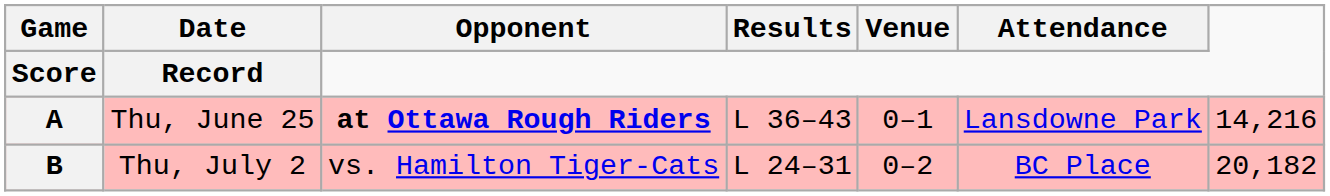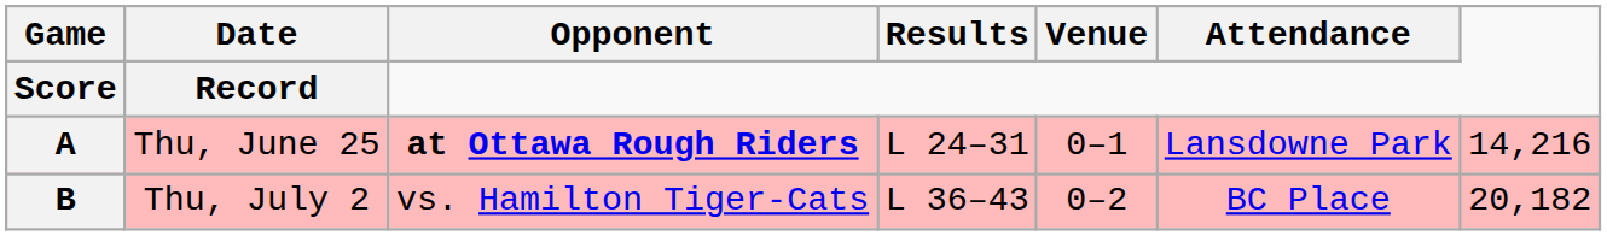 <table class="wikitable" style="text-align:center">
 <tr>
 <th>Game</th>
 <th>Date</th>
 <th>Opponent</th>
 <th>Results</th>
 <th>Venue</th>
 <th>Attendance</th>
 </tr>
 <tr>
 <th>Score</th>
 <th>Record</th>
 </tr>
 <tr style="background:#ffbbbb">
 <th>A</th>
 <td>Thu, June 25</td>
 <td><strong>at <a href='#'>Ottawa Rough Riders</a></strong></td>
-<td>L 36–43</td>
+<td>L 24–31</td>
 <td>0–1</td>
 <td><a href='#'>Lansdowne Park</a></td>
 <td>14,216</td>
 </tr>
 <tr style="background:#ffbbbb">
 <th>B</th>
 <td>Thu, July 2</td>
 <td>vs. <a href='#'>Hamilton Tiger-Cats</a></td>
-<td>L 24–31</td>
+<td>L 36–43</td>
 <td>0–2</td>
 <td><a href='#'>BC Place</a></td>
 <td>20,182</td>
 </tr>
 </table>
